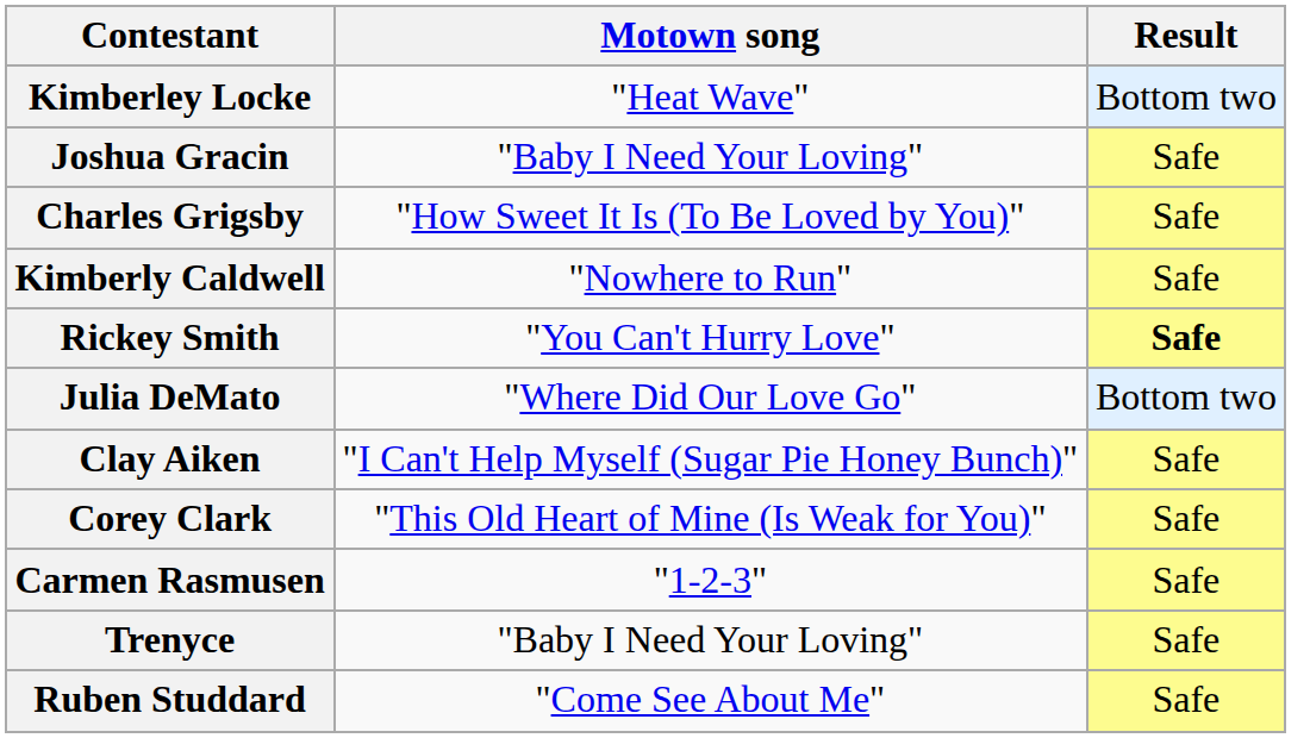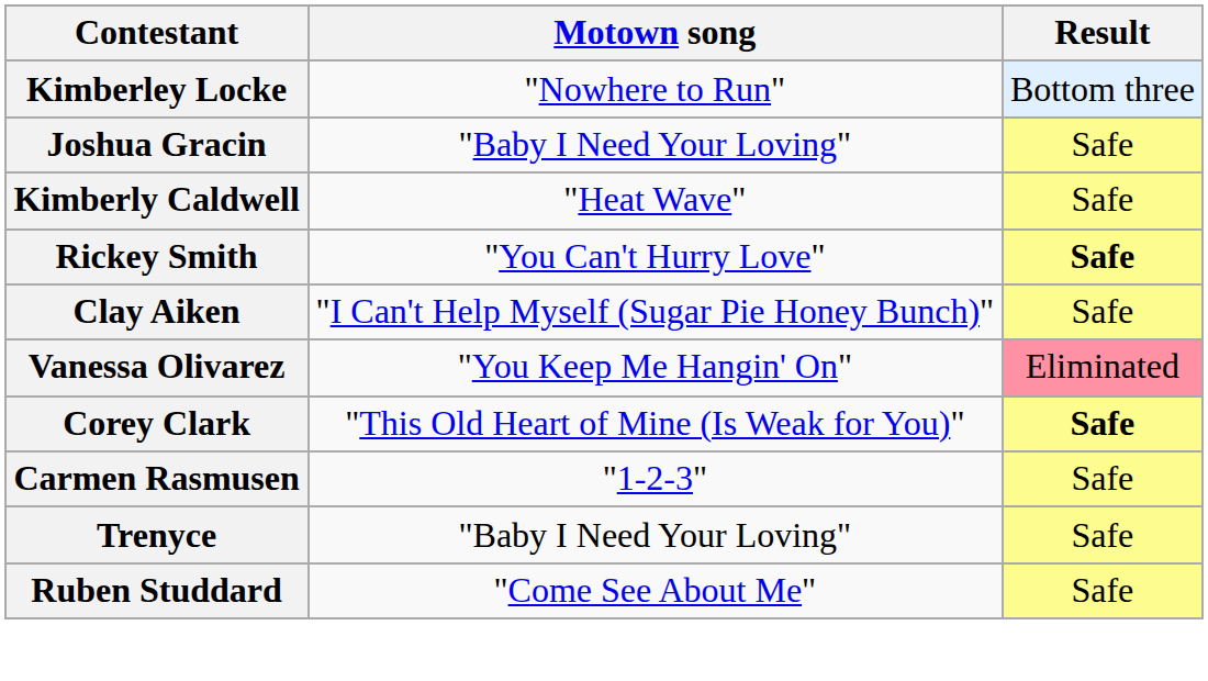 <table class="wikitable unsortable" style="text-align:center;">
 <tr>
 <th scope="col">Contestant</th>
 <th scope="col"><a href='#'>Motown</a> song</th>
 <th scope="col">Result</th>
 </tr>
 <tr>
 <th scope="row">Kimberley Locke</th>
-<td>"<a href='#'>Heat Wave</a>"</td>
-<td style="background:#e0f0ff">Bottom two</td>
+<td>"<a href='#'>Nowhere to Run</a>"</td>
+<td style="background:#e0f0ff">Bottom three</td>
 </tr>
 <tr>
 <th scope="row">Joshua Gracin</th>
 <td>"<a href='#'>Baby I Need Your Loving</a>"</td>
 <td style="background:#FDFC8F;">Safe</td>
 </tr>
 <tr>
-<th scope="row">Charles Grigsby</th>
-<td>"<a href='#'>How Sweet It Is (To Be Loved by You)</a>"</td>
-<td style="background:#FDFC8F;">Safe</td>
-</tr>
-<tr>
 <th scope="row">Kimberly Caldwell</th>
-<td>"<a href='#'>Nowhere to Run</a>"</td>
+<td>"<a href='#'>Heat Wave</a>"</td>
 <td style="background:#FDFC8F;">Safe</td>
 </tr>
 <tr>
 <th scope="row">Rickey Smith</th>
 <td>"<a href='#'>You Can't Hurry Love</a>"</td>
 <td style="background:#FDFC8F;"><strong>Safe</strong></td>
 </tr>
 <tr>
-<th scope="row">Julia DeMato</th>
-<td>"<a href='#'>Where Did Our Love Go</a>"</td>
-<td style="background:#e0f0ff">Bottom two</td>
-</tr>
-<tr>
 <th scope="row">Clay Aiken</th>
 <td>"<a href='#'>I Can't Help Myself (Sugar Pie Honey Bunch)</a>"</td>
 <td style="background:#FDFC8F;">Safe</td>
 </tr>
 <tr>
+<th scope="row">Vanessa Olivarez</th>
+<td>"<a href='#'>You Keep Me Hangin' On</a>"</td>
+<td bgcolor="FF91A4">Eliminated</td>
+</tr>
+<tr>
 <th scope="row">Corey Clark</th>
 <td>"<a href='#'>This Old Heart of Mine (Is Weak for You)</a>"</td>
-<td style="background:#FDFC8F;">Safe</td>
+<td style="background:#FDFC8F;"><strong>Safe</strong></td>
 </tr>
 <tr>
 <th scope="row">Carmen Rasmusen</th>
 <td>"<a href='#'>1-2-3</a>"</td>
 <td style="background:#FDFC8F;">Safe</td>
 </tr>
 <tr>
 <th scope="row">Trenyce</th>
 <td>"Baby I Need Your Loving"</td>
 <td style="background:#FDFC8F;">Safe</td>
 </tr>
 <tr>
 <th scope="row">Ruben Studdard</th>
 <td>"<a href='#'>Come See About Me</a>"</td>
 <td style="background:#FDFC8F;">Safe</td>
 </tr>
 </table>
